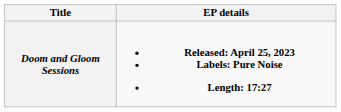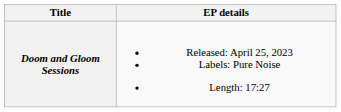 <table class="wikitable plainrowheaders" style="text-align:center;">
 <tr>
 <th scope="col" style="width:10em;">Title</th>
 <th scope="col" style="width:20em;">EP details</th>
 </tr>
 <tr>
 <th scope="row"><em>Doom and Gloom Sessions</em></th>
-<td><strong><br><ul><li>Released: April 25, 2023</li><li>Labels: Pure Noise</li></ul><ul><li>Length: 17:27</li></ul></strong></td>
+<td><br><ul><li>Released: April 25, 2023</li><li>Labels: Pure Noise</li></ul><ul><li>Length: 17:27</li></ul></td>
 </tr>
 </table>
